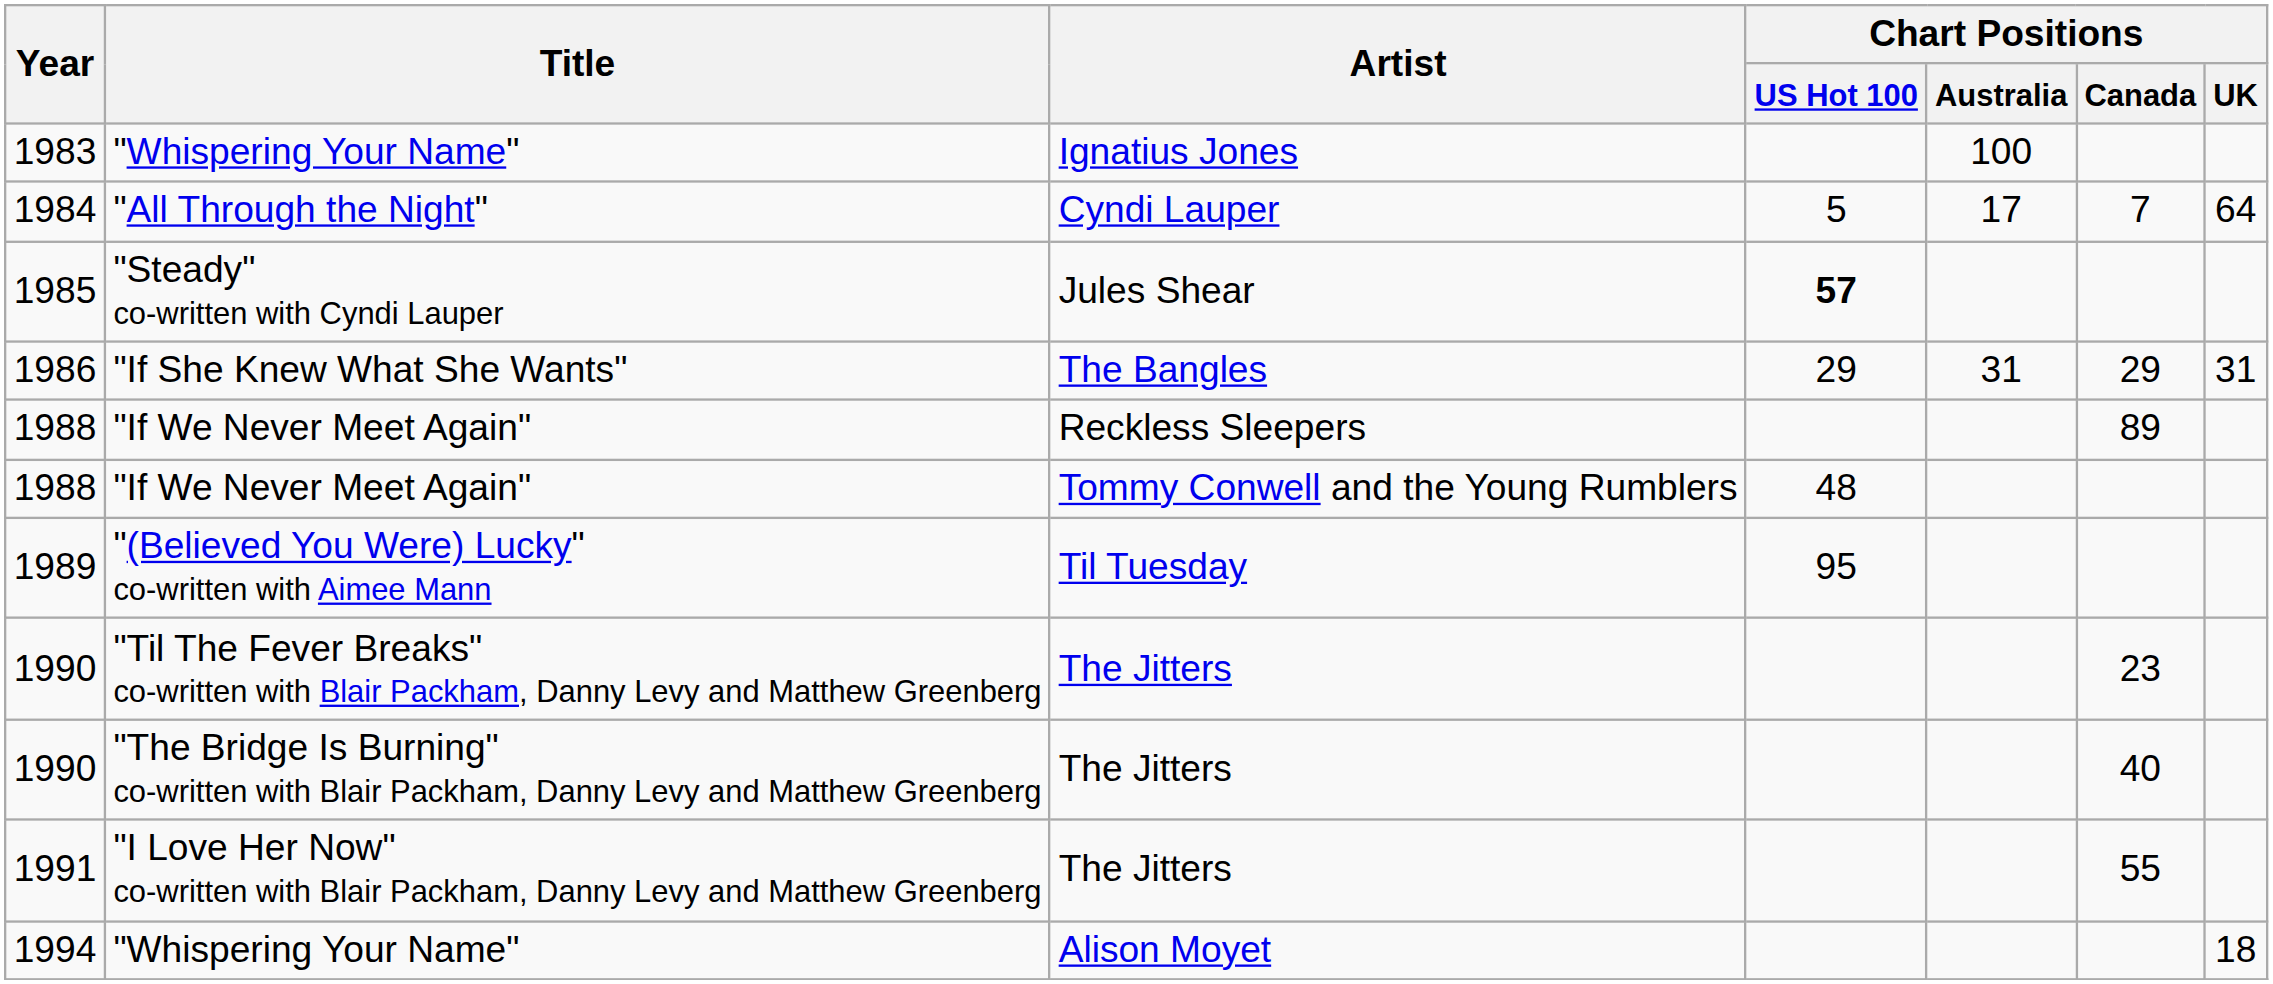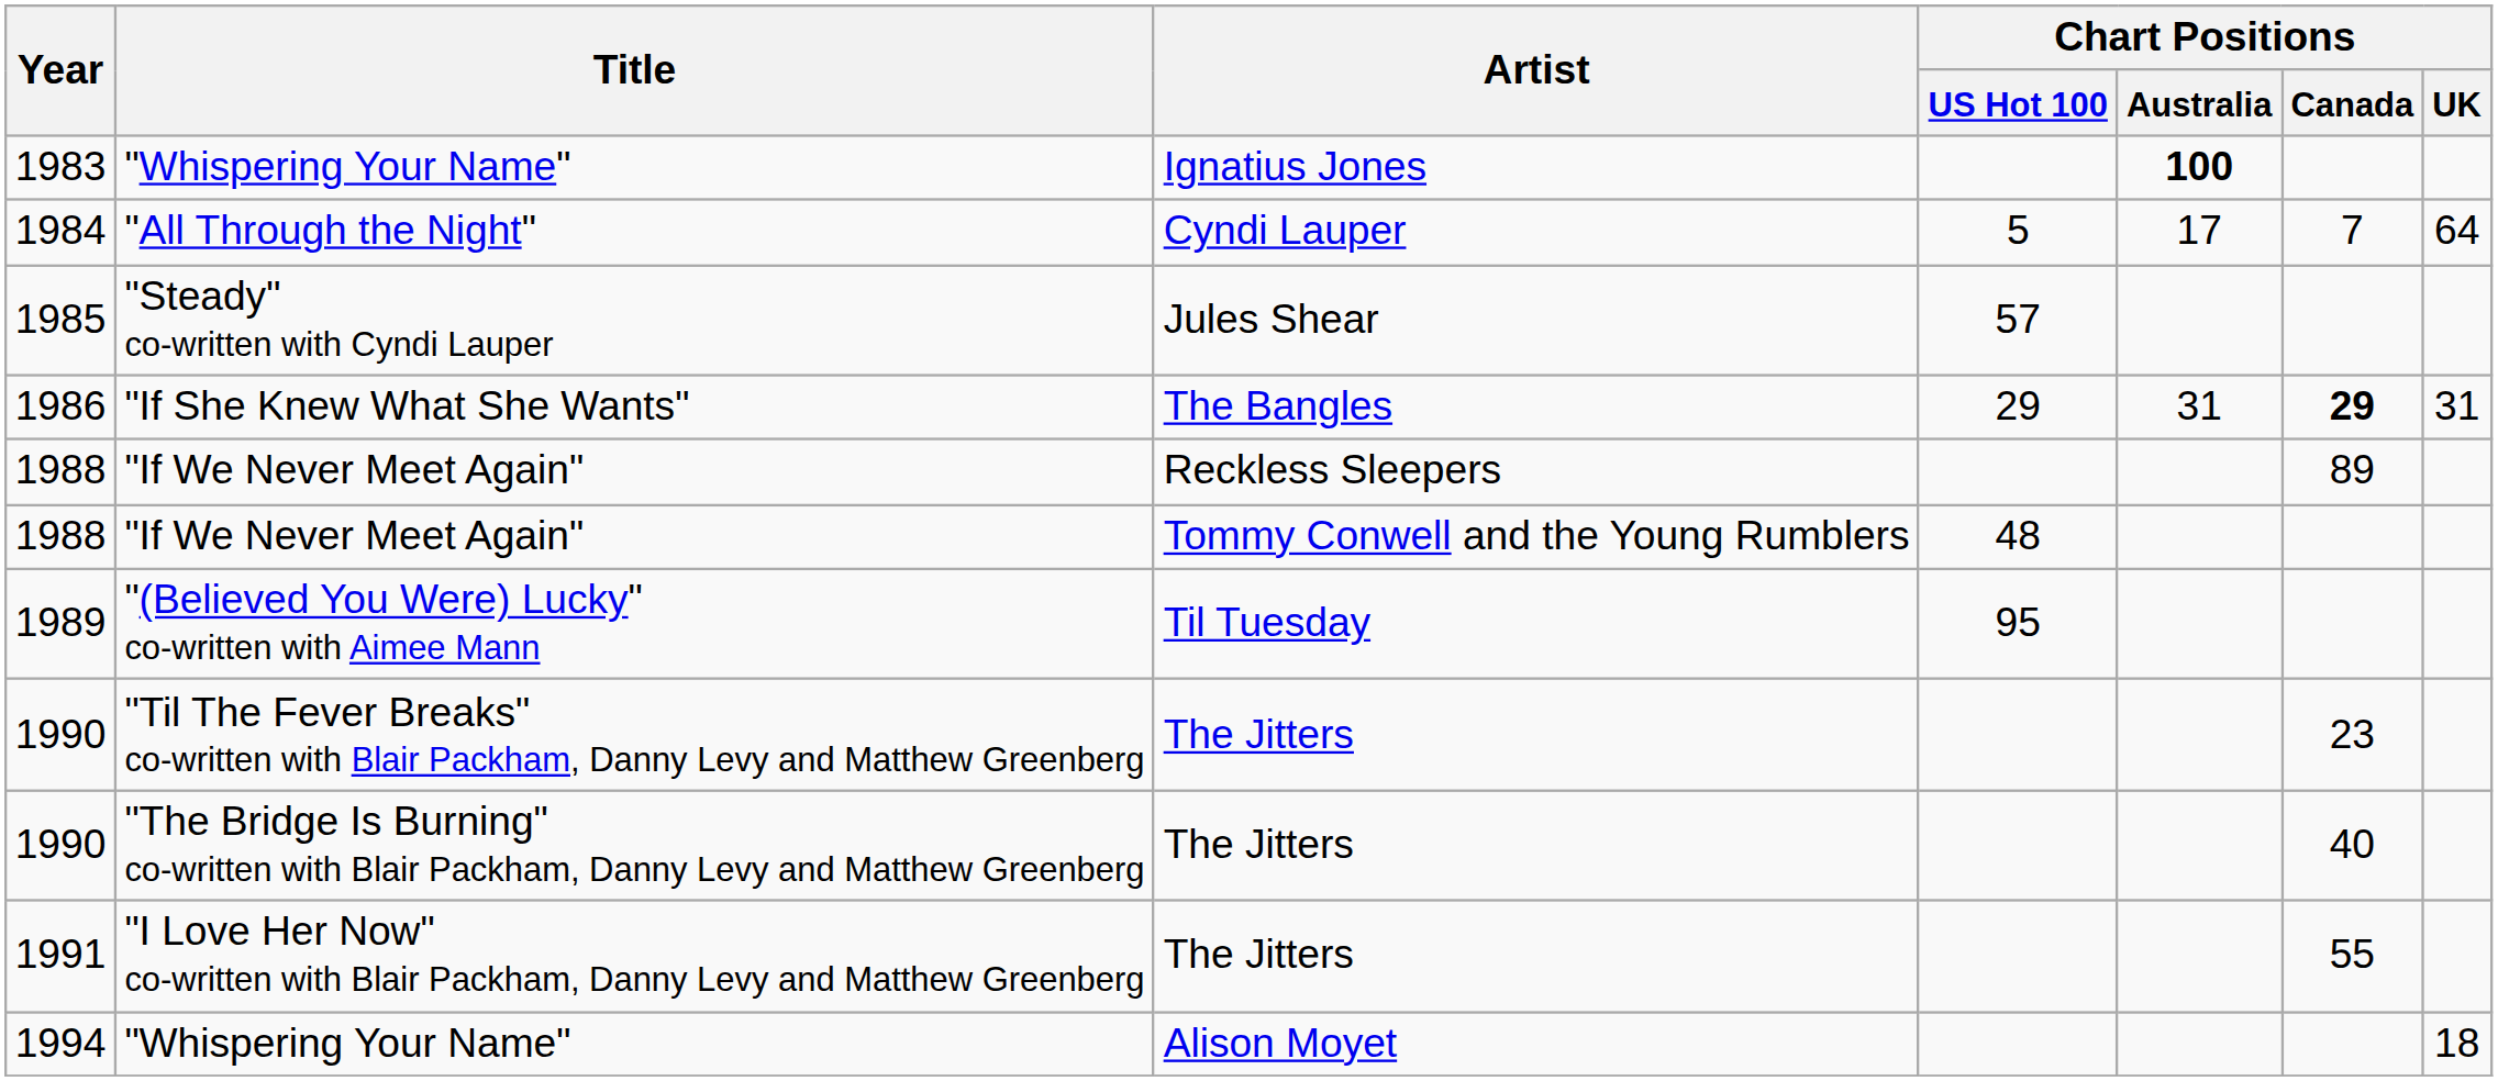 <table class="wikitable">
 <tr>
 <th rowspan="2">Year</th>
 <th rowspan="2">Title</th>
 <th rowspan="2">Artist</th>
 <th colspan="4">Chart Positions</th>
 </tr>
 <tr>
 <th><small><a href='#'>US Hot 100</a></small></th>
 <th><small>Australia</small></th>
 <th><small>Canada</small></th>
 <th><small>UK</small></th>
 </tr>
 <tr>
 <td>1983</td>
 <td>"<a href='#'>Whispering Your Name</a>"</td>
 <td><a href='#'>Ignatius Jones</a></td>
 <td align="center"></td>
-<td align="center">100</td>
+<td align="center"><strong>100</strong></td>
 <td align="center"></td>
 <td align="center"></td>
 </tr>
 <tr>
 <td>1984</td>
 <td>"<a href='#'>All Through the Night</a>"</td>
 <td><a href='#'>Cyndi Lauper</a></td>
 <td align="center">5</td>
 <td align="center">17</td>
 <td align="center">7</td>
 <td align="center">64</td>
 </tr>
 <tr>
 <td>1985</td>
 <td>"Steady"<br> <small> co-written with Cyndi Lauper</small></td>
 <td>Jules Shear</td>
-<td align="center"><strong>57</strong></td>
+<td align="center">57</td>
 <td align="center"></td>
 <td align="center"></td>
 <td align="center"></td>
 </tr>
 <tr>
 <td>1986</td>
 <td>"If She Knew What She Wants"</td>
 <td><a href='#'>The Bangles</a></td>
 <td align="center">29</td>
 <td align="center">31</td>
-<td align="center">29</td>
+<td align="center"><strong>29</strong></td>
 <td align="center">31</td>
 </tr>
 <tr>
 <td>1988</td>
 <td>"If We Never Meet Again"</td>
 <td>Reckless Sleepers</td>
 <td align="center"></td>
 <td align="center"></td>
 <td align="center">89</td>
 <td align="center"></td>
 </tr>
 <tr>
 <td>1988</td>
 <td>"If We Never Meet Again"</td>
 <td><a href='#'>Tommy Conwell</a> and the Young Rumblers</td>
 <td align="center">48</td>
 <td align="center"></td>
 <td align="center"></td>
 <td align="center"></td>
 </tr>
 <tr>
 <td>1989</td>
 <td>"<a href='#'>(Believed You Were) Lucky</a>"<br> <small>co-written with <a href='#'>Aimee Mann</a></small></td>
 <td><a href='#'>Til Tuesday</a></td>
 <td align="center">95</td>
 <td align="center"></td>
 <td align="center"></td>
 <td align="center"></td>
 </tr>
 <tr>
 <td>1990</td>
 <td>"Til The Fever Breaks"<br> <small> co-written with <a href='#'>Blair Packham</a>, Danny Levy and Matthew Greenberg</small></td>
 <td><a href='#'>The Jitters</a></td>
 <td align="center"></td>
 <td align="center"></td>
 <td align="center">23</td>
 <td align="center"></td>
 </tr>
 <tr>
 <td>1990</td>
 <td>"The Bridge Is Burning"<br> <small> co-written with Blair Packham, Danny Levy and Matthew Greenberg</small></td>
 <td>The Jitters</td>
 <td align="center"></td>
 <td align="center"></td>
 <td align="center">40</td>
 <td align="center"></td>
 </tr>
 <tr>
 <td>1991</td>
 <td>"I Love Her Now"<br> <small> co-written with Blair Packham, Danny Levy and Matthew Greenberg</small></td>
 <td>The Jitters</td>
 <td align="center"></td>
 <td align="center"></td>
 <td align="center">55</td>
 <td align="center"></td>
 </tr>
 <tr>
 <td>1994</td>
 <td>"Whispering Your Name"</td>
 <td><a href='#'>Alison Moyet</a></td>
 <td align="center"></td>
 <td align="center"></td>
 <td align="center"></td>
 <td align="center">18</td>
 </tr>
 <tr>
 </tr>
 </table>
